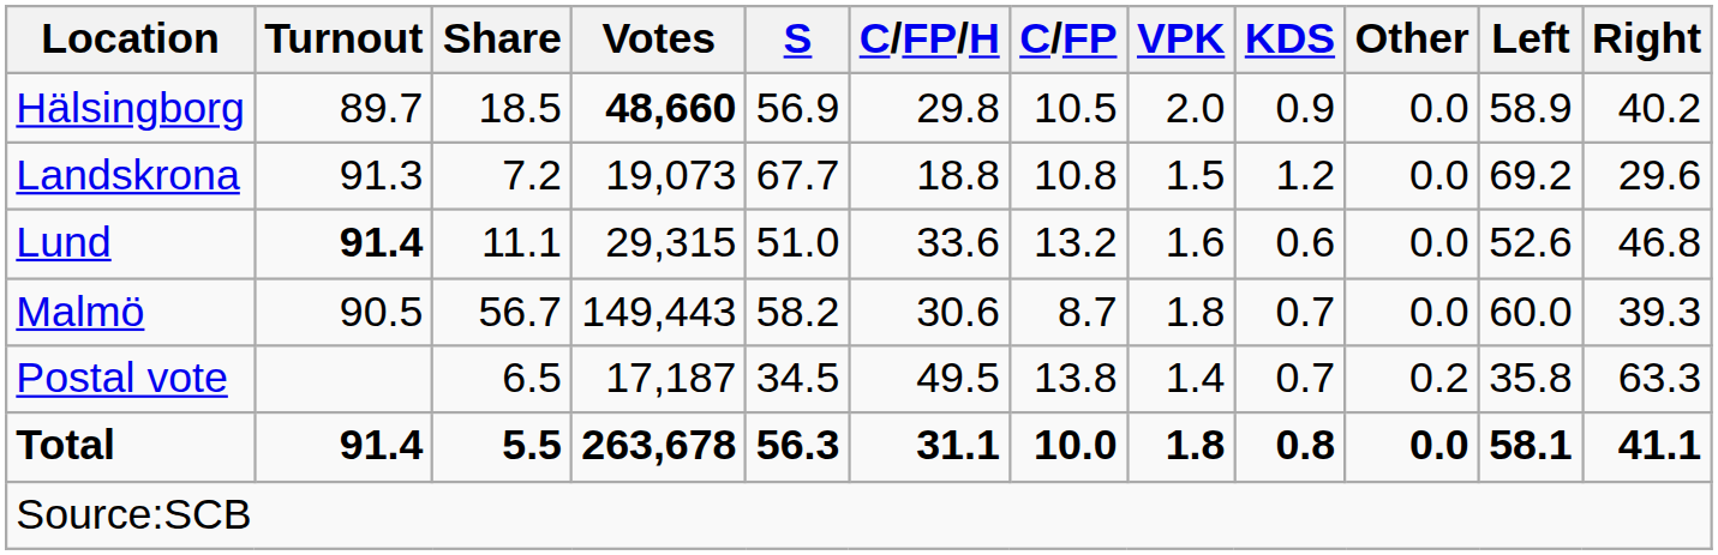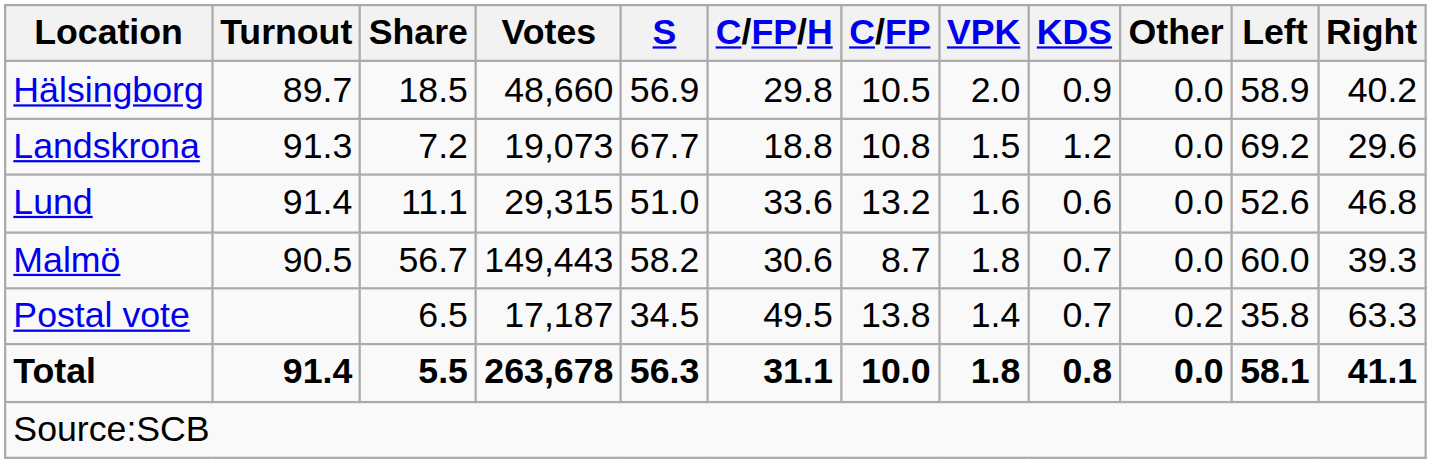 <table class="wikitable sortable" style=text-align:right>
 <tr>
 <th>Location</th>
 <th>Turnout</th>
 <th>Share</th>
 <th>Votes</th>
 <th><a href='#'>S</a></th>
 <th><a href='#'>C</a>/<a href='#'>FP</a>/<a href='#'>H</a></th>
 <th><a href='#'>C</a>/<a href='#'>FP</a></th>
 <th><a href='#'>VPK</a></th>
 <th><a href='#'>KDS</a></th>
 <th>Other</th>
 <th>Left</th>
 <th>Right</th>
 </tr>
 <tr>
 <td align=left><a href='#'>Hälsingborg</a></td>
 <td>89.7</td>
 <td>18.5</td>
-<td><strong>48,660</strong></td>
+<td>48,660</td>
 <td>56.9</td>
 <td>29.8</td>
 <td>10.5</td>
 <td>2.0</td>
 <td>0.9</td>
 <td>0.0</td>
 <td>58.9</td>
 <td>40.2</td>
 </tr>
 <tr>
 <td align=left><a href='#'>Landskrona</a></td>
 <td>91.3</td>
 <td>7.2</td>
 <td>19,073</td>
 <td>67.7</td>
 <td>18.8</td>
 <td>10.8</td>
 <td>1.5</td>
 <td>1.2</td>
 <td>0.0</td>
 <td>69.2</td>
 <td>29.6</td>
 </tr>
 <tr>
 <td align=left><a href='#'>Lund</a></td>
-<td><strong>91.4</strong></td>
+<td>91.4</td>
 <td>11.1</td>
 <td>29,315</td>
 <td>51.0</td>
 <td>33.6</td>
 <td>13.2</td>
 <td>1.6</td>
 <td>0.6</td>
 <td>0.0</td>
 <td>52.6</td>
 <td>46.8</td>
 </tr>
 <tr>
 <td align=left><a href='#'>Malmö</a></td>
 <td>90.5</td>
 <td>56.7</td>
 <td>149,443</td>
 <td>58.2</td>
 <td>30.6</td>
 <td>8.7</td>
 <td>1.8</td>
 <td>0.7</td>
 <td>0.0</td>
 <td>60.0</td>
 <td>39.3</td>
 </tr>
 <tr>
 <td align=left><a href='#'>Postal vote</a></td>
 <td></td>
 <td>6.5</td>
 <td>17,187</td>
 <td>34.5</td>
 <td>49.5</td>
 <td>13.8</td>
 <td>1.4</td>
 <td>0.7</td>
 <td>0.2</td>
 <td>35.8</td>
 <td>63.3</td>
 </tr>
 <tr>
 <td align=left><strong>Total</strong></td>
 <td><strong>91.4</strong></td>
 <td><strong>5.5</strong></td>
 <td><strong>263,678</strong></td>
 <td><strong>56.3</strong></td>
 <td><strong>31.1</strong></td>
 <td><strong>10.0</strong></td>
 <td><strong>1.8</strong></td>
 <td><strong>0.8</strong></td>
 <td><strong>0.0</strong></td>
 <td><strong>58.1</strong></td>
 <td><strong>41.1</strong></td>
 </tr>
 <tr>
 <td align=left colspan=12>Source:SCB </td>
 </tr>
 </table>
